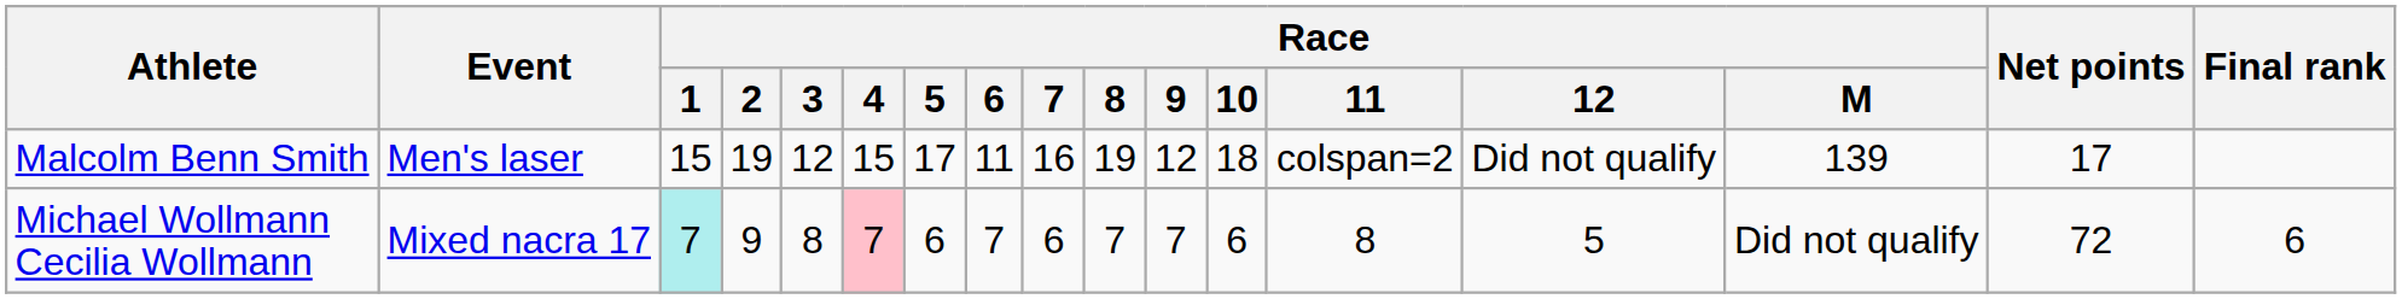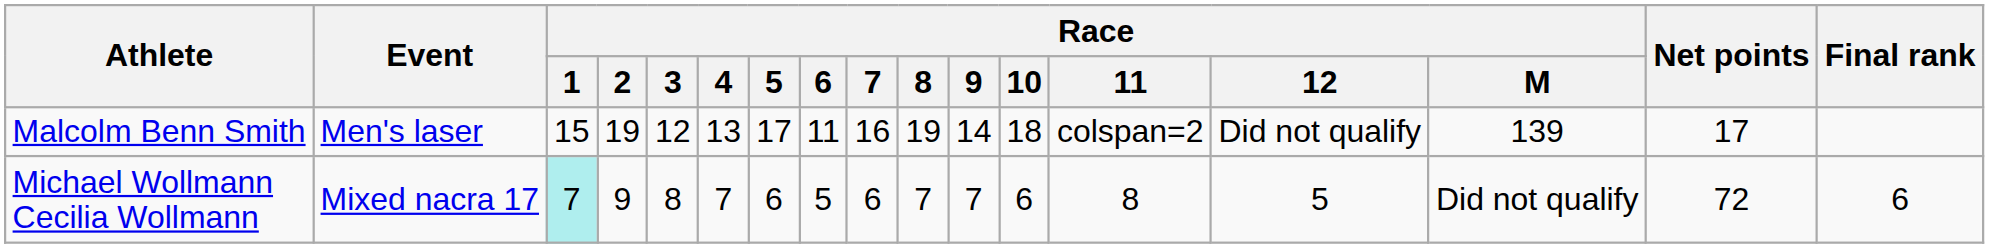 <table class="wikitable" border="1" style="font-size:90%">
 <tr>
 <th rowspan=2>Athlete</th>
 <th rowspan=2>Event</th>
 <th colspan=13>Race</th>
 <th rowspan=2>Net points</th>
 <th rowspan=2>Final rank</th>
 </tr>
 <tr>
 <th>1</th>
 <th>2</th>
 <th>3</th>
 <th>4</th>
 <th>5</th>
 <th>6</th>
 <th>7</th>
 <th>8</th>
 <th>9</th>
 <th>10</th>
 <th>11</th>
 <th>12</th>
 <th>M</th>
 </tr>
 <tr align=center>
 <td align=left><a href='#'>Malcolm Benn Smith</a></td>
 <td align=left><a href='#'>Men's laser</a></td>
 <td>15</td>
 <td>19</td>
 <td>12</td>
-<td>15</td>
+<td>13</td>
 <td>17</td>
 <td>11</td>
 <td>16</td>
 <td>19</td>
-<td>12</td>
+<td>14</td>
 <td>18</td>
 <td>colspan=2 </td>
 <td>Did not qualify</td>
 <td>139</td>
 <td>17</td>
 </tr>
 <tr align=center>
 <td align=left><a href='#'>Michael Wollmann</a><br><a href='#'>Cecilia Wollmann</a></td>
 <td align=left><a href='#'>Mixed nacra 17</a></td>
 <td style="background: paleturquoise;">7</td>
 <td>9</td>
 <td>8</td>
-<td style="background: pink;">7</td>
+<td>7</td>
 <td>6</td>
-<td>7</td>
+<td>5</td>
 <td>6</td>
 <td>7</td>
 <td>7</td>
 <td>6</td>
 <td>8</td>
 <td>5</td>
 <td>Did not qualify</td>
 <td>72</td>
 <td>6</td>
 </tr>
 </table>
